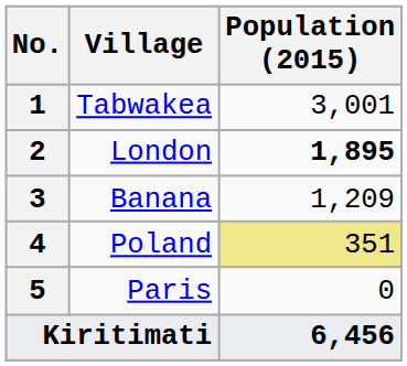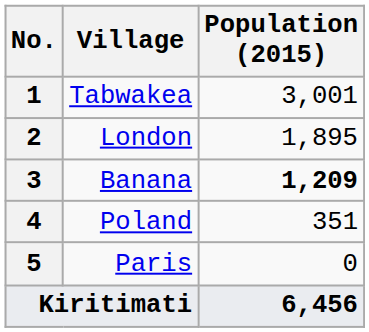 <table class="wikitable sortable" style="margin: 0.5em 0 0.5em 1em; float:right; clear:right; text-align: right;">
 <tr>
 <th>No.</th>
 <th>Village</th>
 <th>Population<br>(2015)</th>
 </tr>
 <tr>
 <th scope="col">1</th>
 <td><a href='#'>Tabwakea</a></td>
 <td>3,001</td>
 </tr>
 <tr>
 <th scope="col">2</th>
 <td><a href='#'>London</a></td>
-<td><strong>1,895</strong></td>
+<td>1,895</td>
 </tr>
 <tr>
 <th scope="col">3</th>
 <td><a href='#'>Banana</a> </td>
-<td>1,209</td>
+<td><strong>1,209</strong></td>
 </tr>
 <tr>
 <th scope="col">4</th>
 <td><a href='#'>Poland</a></td>
-<td style="background: khaki;">351</td>
+<td>351</td>
 </tr>
 <tr>
 <th scope="col">5</th>
 <td><a href='#'>Paris</a> </td>
 <td>0</td>
 </tr>
 <tr class="sortbottom" style="background: #eaecf0;">
 <td colspan="2"><strong>Kiritimati</strong></td>
 <td><strong>6,456</strong></td>
 </tr>
 </table>
